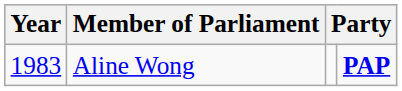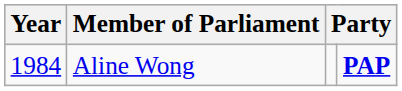 <table class="wikitable">
 <tr>
 <th>Year</th>
 <th>Member of Parliament</th>
 <th colspan="2">Party</th>
 </tr>
 <tr>
-<td><a href='#'>1983</a></td>
+<td><a href='#'>1984</a></td>
 <td><a href='#'>Aline Wong</a></td>
 <td></td>
 <td><strong><a href='#'>PAP</a></strong></td>
 </tr>
 </table>
